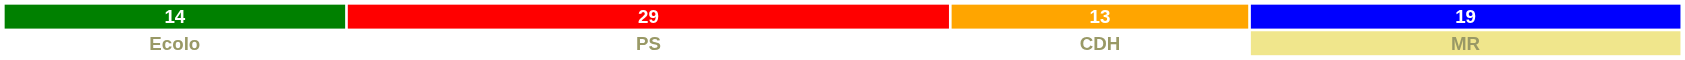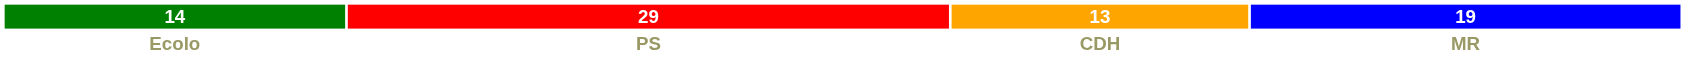 <table style="width:100%; font-size:88%; text-align:center;">
 <tr style="font-weight:bold">
 <td style="background:green; width:18.54%; color:white">14</td>
 <td style="background:red; width:32.77%; color:white">29</td>
 <td style="background:orange; width:16.14%; color:white">13</td>
 <td style="background:blue; width:23.41%; color:white">19</td>
 </tr>
 <tr style="font-weight:bold; color:#996;">
 <td>Ecolo</td>
 <td>PS</td>
 <td>CDH</td>
-<td style="background: khaki;">MR</td>
+<td>MR</td>
 </tr>
 </table>
